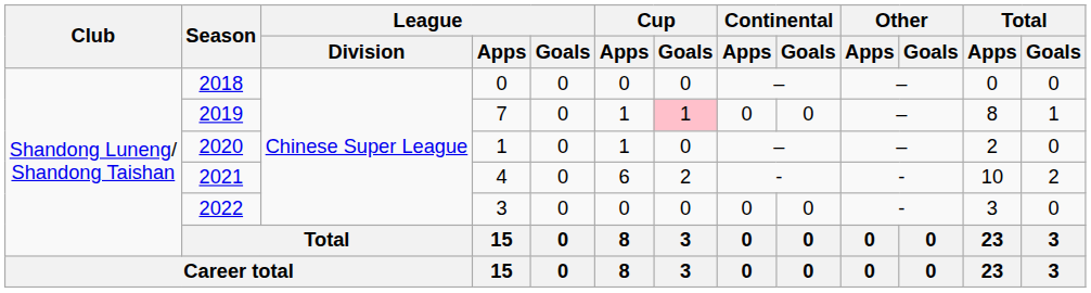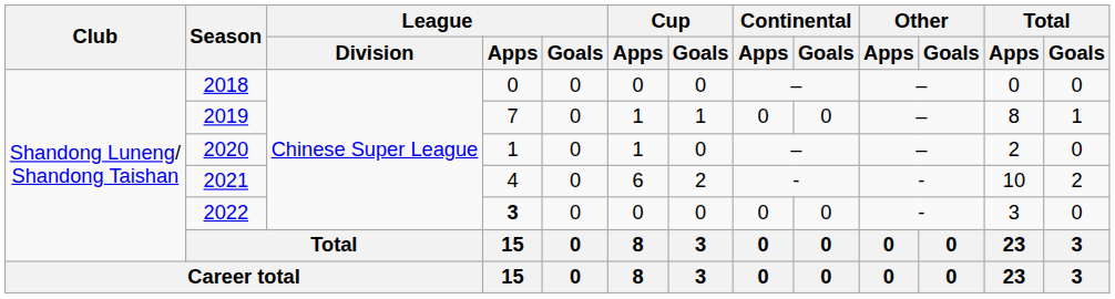 <table class="wikitable" style="text-align: center">
 <tr>
 <th rowspan="2">Club</th>
 <th rowspan="2">Season</th>
 <th colspan="3">League</th>
 <th colspan="2">Cup</th>
 <th colspan="2">Continental</th>
 <th colspan="2">Other</th>
 <th colspan="2">Total</th>
 </tr>
 <tr>
 <th>Division</th>
 <th>Apps</th>
 <th>Goals</th>
 <th>Apps</th>
 <th>Goals</th>
 <th>Apps</th>
 <th>Goals</th>
 <th>Apps</th>
 <th>Goals</th>
 <th>Apps</th>
 <th>Goals</th>
 </tr>
 <tr>
 <td rowspan=6><a href='#'>Shandong Luneng</a>/<br><a href='#'>Shandong Taishan</a></td>
 <td><a href='#'>2018</a></td>
 <td rowspan=5><a href='#'>Chinese Super League</a></td>
 <td>0</td>
 <td>0</td>
 <td>0</td>
 <td>0</td>
 <td colspan="2">–</td>
 <td colspan="2">–</td>
 <td>0</td>
 <td>0</td>
 </tr>
 <tr>
 <td><a href='#'>2019</a></td>
 <td>7</td>
 <td>0</td>
 <td>1</td>
-<td style="background: pink;">1</td>
+<td>1</td>
 <td>0</td>
 <td>0</td>
 <td colspan="2">–</td>
 <td>8</td>
 <td>1</td>
 </tr>
 <tr>
 <td><a href='#'>2020</a></td>
 <td>1</td>
 <td>0</td>
 <td>1</td>
 <td>0</td>
 <td colspan="2">–</td>
 <td colspan="2">–</td>
 <td>2</td>
 <td>0</td>
 </tr>
 <tr>
 <td><a href='#'>2021</a></td>
 <td>4</td>
 <td>0</td>
 <td>6</td>
 <td>2</td>
 <td colspan="2">-</td>
 <td colspan="2">-</td>
 <td>10</td>
 <td>2</td>
 </tr>
 <tr>
 <td><a href='#'>2022</a></td>
-<td>3</td>
+<td><strong>3</strong></td>
 <td>0</td>
 <td>0</td>
 <td>0</td>
 <td>0</td>
 <td>0</td>
 <td colspan="2">-</td>
 <td>3</td>
 <td>0</td>
 </tr>
 <tr>
 <th colspan=2>Total</th>
 <th>15</th>
 <th>0</th>
 <th>8</th>
 <th>3</th>
 <th>0</th>
 <th>0</th>
 <th>0</th>
 <th>0</th>
 <th>23</th>
 <th>3</th>
 </tr>
 <tr>
 <th colspan=3>Career total</th>
 <th>15</th>
 <th>0</th>
 <th>8</th>
 <th>3</th>
 <th>0</th>
 <th>0</th>
 <th>0</th>
 <th>0</th>
 <th>23</th>
 <th>3</th>
 </tr>
 </table>
